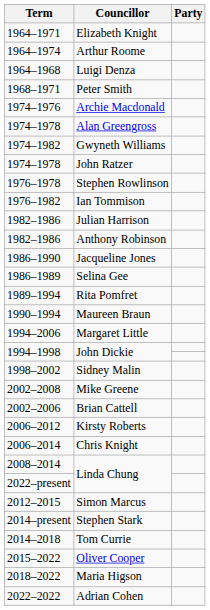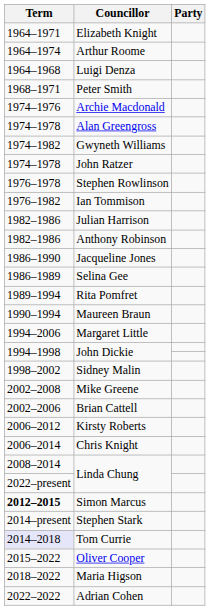 <table class="wikitable">
 <tr>
 <th>Term</th>
 <th>Councillor</th>
 <th colspan=2>Party</th>
 </tr>
 <tr>
 <td>1964–1971</td>
 <td>Elizabeth Knight</td>
 <td></td>
 </tr>
 <tr>
 <td>1964–1974</td>
 <td>Arthur Roome</td>
 <td></td>
 </tr>
 <tr>
 <td>1964–1968</td>
 <td>Luigi Denza</td>
 <td></td>
 </tr>
 <tr>
 <td>1968–1971</td>
 <td>Peter Smith</td>
 <td></td>
 </tr>
 <tr>
 <td>1974–1976</td>
 <td><a href='#'>Archie Macdonald</a></td>
 <td></td>
 </tr>
 <tr>
 <td>1974–1978</td>
 <td><a href='#'>Alan Greengross</a></td>
 <td></td>
 </tr>
 <tr>
 <td>1974–1982</td>
 <td>Gwyneth Williams</td>
 <td></td>
 </tr>
 <tr>
 <td>1974–1978</td>
 <td>John Ratzer</td>
 <td></td>
 </tr>
 <tr>
 <td>1976–1978</td>
 <td>Stephen Rowlinson</td>
 <td></td>
 </tr>
 <tr>
 <td>1976–1982</td>
 <td>Ian Tommison</td>
 <td></td>
 </tr>
 <tr>
 <td>1982–1986</td>
 <td>Julian Harrison</td>
 <td></td>
 </tr>
 <tr>
 <td>1982–1986</td>
 <td>Anthony Robinson</td>
 <td></td>
 </tr>
 <tr>
 <td>1986–1990</td>
 <td>Jacqueline Jones</td>
 <td></td>
 </tr>
 <tr>
 <td>1986–1989</td>
 <td>Selina Gee</td>
 <td></td>
 </tr>
 <tr>
 <td>1989–1994</td>
 <td>Rita Pomfret</td>
 <td></td>
 </tr>
 <tr>
 <td>1990–1994</td>
 <td>Maureen Braun</td>
 <td></td>
 </tr>
 <tr>
 <td>1994–2006</td>
 <td>Margaret Little</td>
 <td></td>
 </tr>
 <tr>
 <td rowspan=2>1994–1998</td>
 <td rowspan=2>John Dickie</td>
 <td></td>
 </tr>
 <tr>
 <td></td>
 </tr>
 <tr>
 <td>1998–2002</td>
 <td>Sidney Malin</td>
 <td></td>
 </tr>
 <tr>
 <td>2002–2008</td>
 <td>Mike Greene</td>
 <td></td>
 </tr>
 <tr>
 <td>2002–2006</td>
 <td>Brian Cattell</td>
 <td></td>
 </tr>
 <tr>
 <td>2006–2012</td>
 <td>Kirsty Roberts</td>
 <td></td>
 </tr>
 <tr>
 <td>2006–2014</td>
 <td>Chris Knight</td>
 <td></td>
 </tr>
 <tr>
 <td>2008–2014</td>
 <td rowspan=2>Linda Chung</td>
 <td></td>
 </tr>
 <tr>
 <td>2022–present</td>
 <td></td>
 </tr>
 <tr>
-<td>2012–2015</td>
+<td><strong>2012–2015</strong></td>
 <td>Simon Marcus</td>
 <td></td>
 </tr>
 <tr>
 <td>2014–present</td>
 <td>Stephen Stark</td>
 <td></td>
 </tr>
 <tr>
-<td>2014–2018</td>
+<td style="background: lavender;">2014–2018</td>
 <td>Tom Currie</td>
 <td></td>
 </tr>
 <tr>
 <td>2015–2022</td>
 <td><a href='#'>Oliver Cooper</a></td>
 <td></td>
 </tr>
 <tr>
 <td>2018–2022</td>
 <td>Maria Higson</td>
 <td></td>
 </tr>
 <tr>
 <td>2022–2022</td>
 <td>Adrian Cohen</td>
 <td></td>
 </tr>
 </table>
